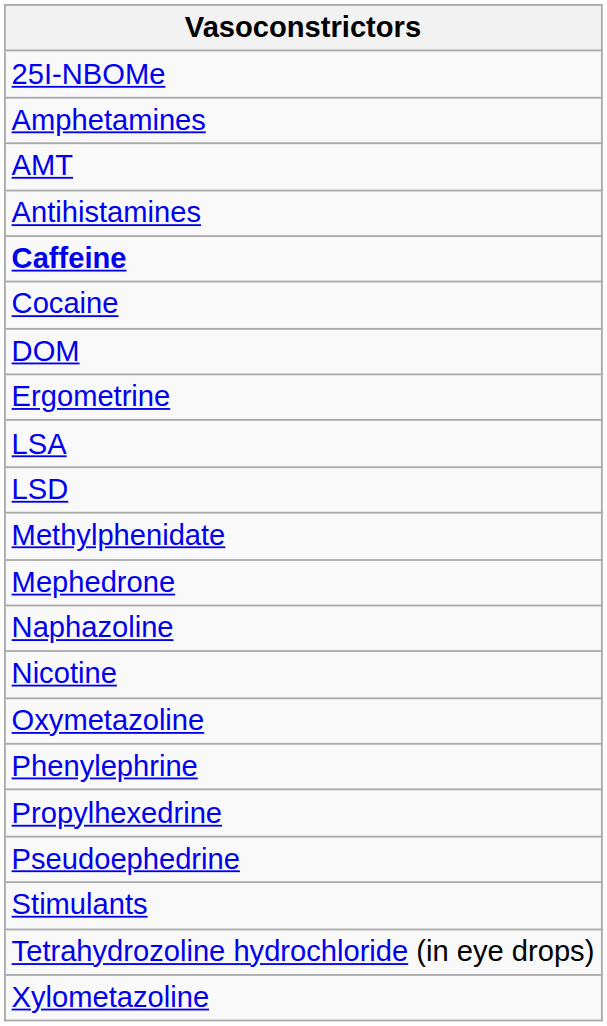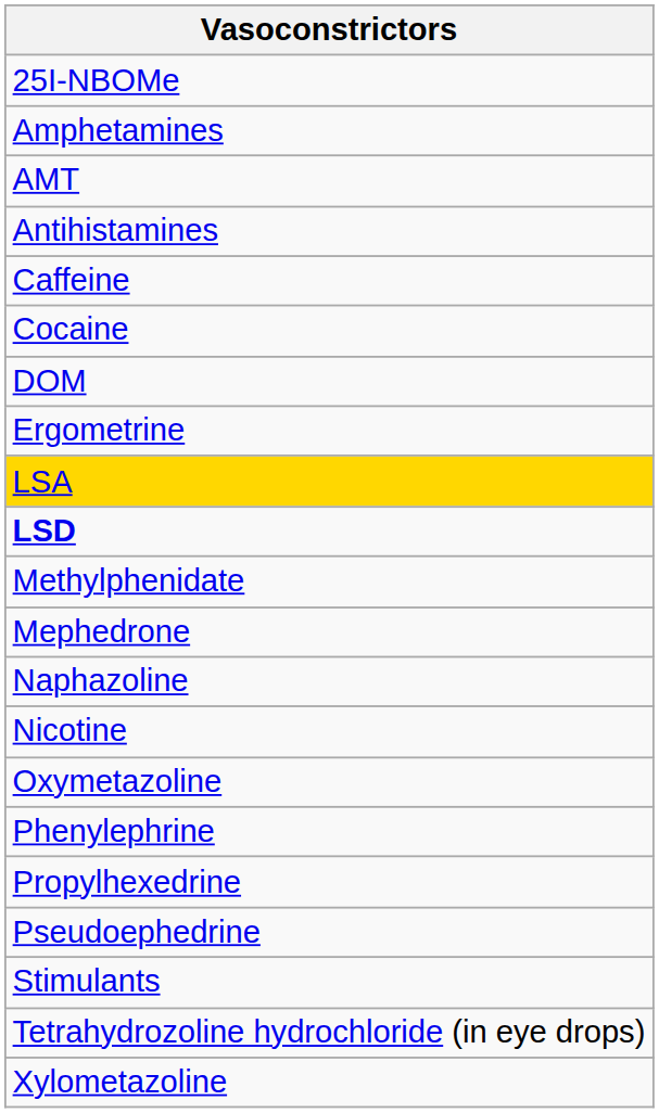 <table class="wikitable">
 <tr>
 <th>Vasoconstrictors</th>
 </tr>
 <tr>
 <td><a href='#'>25I-NBOMe</a></td>
 </tr>
 <tr>
 <td><a href='#'>Amphetamines</a></td>
 </tr>
 <tr>
 <td><a href='#'>AMT</a></td>
 </tr>
 <tr>
 <td><a href='#'>Antihistamines</a></td>
 </tr>
 <tr>
-<td><strong><a href='#'>Caffeine</a></strong></td>
+<td><a href='#'>Caffeine</a></td>
 </tr>
 <tr>
 <td><a href='#'>Cocaine</a></td>
 </tr>
 <tr>
 <td><a href='#'>DOM</a></td>
 </tr>
 <tr>
 <td><a href='#'>Ergometrine</a></td>
 </tr>
 <tr>
-<td><a href='#'>LSA</a></td>
+<td style="background: gold;"><a href='#'>LSA</a></td>
 </tr>
 <tr>
-<td><a href='#'>LSD</a></td>
+<td><strong><a href='#'>LSD</a></strong></td>
 </tr>
 <tr>
 <td><a href='#'>Methylphenidate</a></td>
 </tr>
 <tr>
 <td><a href='#'>Mephedrone</a></td>
 </tr>
 <tr>
 <td><a href='#'>Naphazoline</a></td>
 </tr>
 <tr>
 <td><a href='#'>Nicotine</a></td>
 </tr>
 <tr>
 <td><a href='#'>Oxymetazoline</a></td>
 </tr>
 <tr>
 <td><a href='#'>Phenylephrine</a></td>
 </tr>
 <tr>
 <td><a href='#'>Propylhexedrine</a></td>
 </tr>
 <tr>
 <td><a href='#'>Pseudoephedrine</a></td>
 </tr>
 <tr>
 <td><a href='#'>Stimulants</a></td>
 </tr>
 <tr>
 <td><a href='#'>Tetrahydrozoline hydrochloride</a> (in eye drops)</td>
 </tr>
 <tr>
 <td><a href='#'>Xylometazoline</a></td>
 </tr>
 </table>
